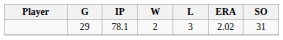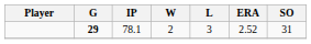 <table class="wikitable sortable">
 <tr>
 <th bgcolor="#DDDDFF" width="16%">Player</th>
 <th bgcolor="#DDDDFF" width="9%">G</th>
 <th bgcolor="#DDDDFF" width="9%">IP</th>
 <th bgcolor="#DDDDFF" width="9%">W</th>
 <th bgcolor="#DDDDFF" width="9%">L</th>
 <th bgcolor="#DDDDFF" width="9%">ERA</th>
 <th bgcolor="#DDDDFF" width="9%">SO</th>
 </tr>
 <tr align="center">
 <td></td>
-<td>29</td>
+<td><strong>29</strong></td>
 <td>78.1</td>
 <td>2</td>
 <td>3</td>
-<td>2.02</td>
+<td>2.52</td>
 <td>31</td>
 </tr>
 <tr align="center">
 </tr>
 </table>
